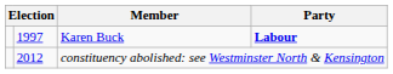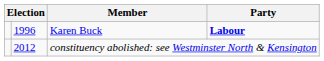 <table class="wikitable">
 <tr>
 <th colspan="2">Election</th>
 <th>Member</th>
 <th>Party</th>
 </tr>
 <tr>
 <td style="color:inherit;background-color: "></td>
-<td><a href='#'>1997</a></td>
+<td><a href='#'>1996</a></td>
 <td><a href='#'>Karen Buck</a></td>
 <td><strong><a href='#'>Labour</a></strong></td>
 </tr>
 <tr>
 <td></td>
 <td><a href='#'>2012</a></td>
 <td colspan="2"><em>constituency abolished: see <a href='#'>Westminster North</a> & <a href='#'>Kensington</a></em></td>
 </tr>
 </table>
